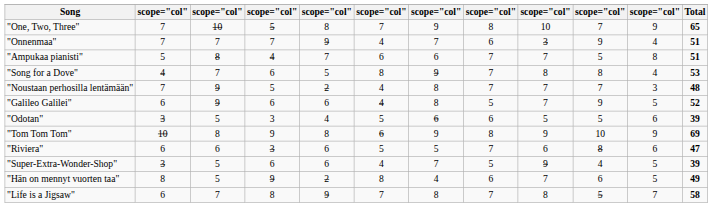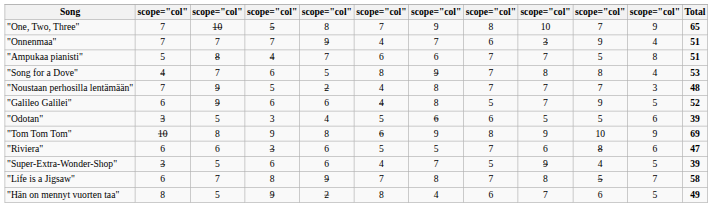 <table class="wikitable plainrowheaders" style="margin: 1em auto 1em auto; text-align:center;">
 <tr>
 </tr>
 <tr>
 <th scope="col">Song</th>
 <th>scope="col" </th>
 <th>scope="col" </th>
 <th>scope="col" </th>
 <th>scope="col" </th>
 <th>scope="col" </th>
 <th>scope="col" </th>
 <th>scope="col" </th>
 <th>scope="col" </th>
 <th>scope="col" </th>
 <th>scope="col" </th>
 <th scope="col">Total</th>
 </tr>
 <tr>
 <td align="left">"One, Two, Three"</td>
 <td>7</td>
 <td><del>10</del></td>
 <td><del>5</del></td>
 <td>8</td>
 <td>7</td>
 <td>9</td>
 <td>8</td>
 <td>10</td>
 <td>7</td>
 <td>9</td>
 <td><strong>65</strong></td>
 </tr>
 <tr>
 <td align="left">"Onnenmaa"</td>
 <td>7</td>
 <td>7</td>
 <td>7</td>
 <td><del>9</del></td>
 <td>4</td>
 <td>7</td>
 <td>6</td>
 <td><del>3</del></td>
 <td>9</td>
 <td>4</td>
 <td><strong>51</strong></td>
 </tr>
 <tr>
 <td align="left">"Ampukaa pianisti"</td>
 <td>5</td>
 <td><del>8</del></td>
 <td><del>4</del></td>
 <td>7</td>
 <td>6</td>
 <td>6</td>
 <td>7</td>
 <td>7</td>
 <td>5</td>
 <td>8</td>
 <td><strong>51</strong></td>
 </tr>
 <tr>
 <td align="left">"Song for a Dove"</td>
 <td><del>4</del></td>
 <td>7</td>
 <td>6</td>
 <td>5</td>
 <td>8</td>
 <td><del>9</del></td>
 <td>7</td>
 <td>8</td>
 <td>8</td>
 <td>4</td>
 <td><strong>53</strong></td>
 </tr>
 <tr>
 <td align="left">"Noustaan perhosilla lentämään"</td>
 <td>7</td>
 <td><del>9</del></td>
 <td>5</td>
 <td><del>2</del></td>
 <td>4</td>
 <td>8</td>
 <td>7</td>
 <td>7</td>
 <td>7</td>
 <td>3</td>
 <td><strong>48</strong></td>
 </tr>
 <tr>
 <td align="left">"Galileo Galilei"</td>
 <td>6</td>
 <td><del>9</del></td>
 <td>6</td>
 <td>6</td>
 <td><del>4</del></td>
 <td>8</td>
 <td>5</td>
 <td>7</td>
 <td>9</td>
 <td>5</td>
 <td><strong>52</strong></td>
 </tr>
 <tr>
 <td align="left">"Odotan"</td>
 <td><del>3</del></td>
 <td>5</td>
 <td>3</td>
 <td>4</td>
 <td>5</td>
 <td><del>6</del></td>
 <td>6</td>
 <td>5</td>
 <td>5</td>
 <td>6</td>
 <td><strong>39</strong></td>
 </tr>
 <tr>
 <td align="left">"Tom Tom Tom"</td>
 <td><del>10</del></td>
 <td>8</td>
 <td>9</td>
 <td>8</td>
 <td><del>6</del></td>
 <td>9</td>
 <td>8</td>
 <td>9</td>
 <td>10</td>
 <td>9</td>
 <td><strong>69</strong></td>
 </tr>
 <tr>
 <td align="left">"Riviera"</td>
 <td>6</td>
 <td>6</td>
 <td><del>3</del></td>
 <td>6</td>
 <td>5</td>
 <td>5</td>
 <td>7</td>
 <td>6</td>
 <td><del>8</del></td>
 <td>6</td>
 <td><strong>47</strong></td>
 </tr>
 <tr>
 <td align="left">"Super-Extra-Wonder-Shop"</td>
 <td><del>3</del></td>
 <td>5</td>
 <td>6</td>
 <td>6</td>
 <td>4</td>
 <td>7</td>
 <td>5</td>
 <td><del>9</del></td>
 <td>4</td>
 <td>5</td>
 <td><strong>39</strong></td>
 </tr>
 <tr>
+<td align="left">"Life is a Jigsaw"</td>
+<td>6</td>
+<td>7</td>
+<td>8</td>
+<td><del>9</del></td>
+<td>7</td>
+<td>8</td>
+<td>7</td>
+<td>8</td>
+<td><del>5</del></td>
+<td>7</td>
+<td><strong>58</strong></td>
+</tr>
+<tr>
 <td align="left">"Hän on mennyt vuorten taa"</td>
 <td>8</td>
 <td>5</td>
 <td><del>9</del></td>
 <td><del>2</del></td>
 <td>8</td>
 <td>4</td>
 <td>6</td>
 <td>7</td>
 <td>6</td>
 <td>5</td>
 <td><strong>49</strong></td>
 </tr>
-<tr>
-<td align="left">"Life is a Jigsaw"</td>
-<td>6</td>
-<td>7</td>
-<td>8</td>
-<td><del>9</del></td>
-<td>7</td>
-<td>8</td>
-<td>7</td>
-<td>8</td>
-<td><del>5</del></td>
-<td>7</td>
-<td><strong>58</strong></td>
-</tr>
 </table>
